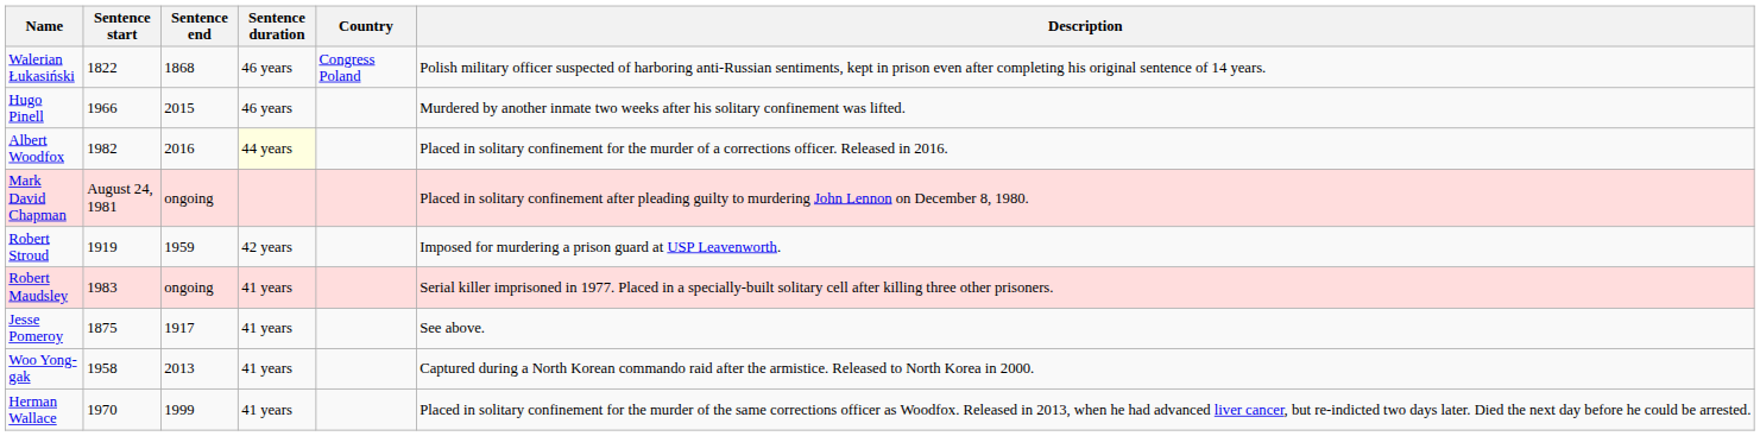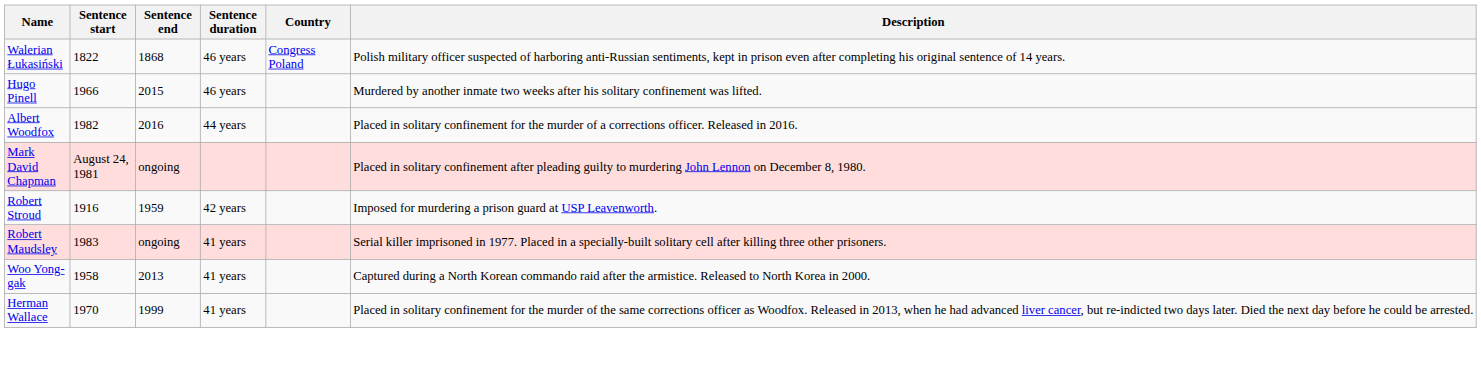 <table class="wikitable sortable" style="display: inline-table;width:;">
 <tr>
 <th style="width:76px;">Name</th>
 <th style="width:75px;">Sentence start</th>
 <th style="width:75px;">Sentence end</th>
 <th style="width:75px;">Sentence duration</th>
 <th style="width:100px;">Country</th>
 <th class="unsortable">Description</th>
 </tr>
 <tr>
 <td><a href='#'>Walerian Łukasiński</a></td>
 <td>1822</td>
 <td>1868</td>
 <td>46 years</td>
 <td> <a href='#'>Congress Poland</a><br> </td>
 <td>Polish military officer suspected of harboring anti-Russian sentiments, kept in prison even after completing his original sentence of 14 years.</td>
 </tr>
 <tr>
 <td><a href='#'>Hugo Pinell</a></td>
 <td>1966</td>
 <td>2015</td>
 <td>46 years</td>
 <td> </td>
 <td>Murdered by another inmate two weeks after his solitary confinement was lifted.</td>
 </tr>
 <tr>
 <td><a href='#'>Albert Woodfox</a></td>
 <td>1982</td>
 <td>2016</td>
-<td style="background: lightyellow;">44 years</td>
+<td>44 years</td>
 <td> </td>
 <td>Placed in solitary confinement for the murder of a corrections officer. Released in 2016.</td>
 </tr>
 <tr style="background:#fdd;">
 <td><a href='#'>Mark David Chapman</a></td>
 <td>August 24, 1981</td>
 <td>ongoing</td>
 <td></td>
 <td> </td>
 <td>Placed in solitary confinement after pleading guilty to murdering <a href='#'>John Lennon</a> on December 8, 1980.</td>
 </tr>
 <tr>
 <td><a href='#'>Robert Stroud</a></td>
-<td>1919</td>
+<td>1916</td>
 <td>1959</td>
 <td>42 years</td>
 <td> </td>
 <td>Imposed for murdering a prison guard at <a href='#'>USP Leavenworth</a>.</td>
 </tr>
 <tr style="background:#fdd;">
 <td><a href='#'>Robert Maudsley</a></td>
 <td>1983</td>
 <td>ongoing</td>
 <td>41 years</td>
 <td> </td>
 <td>Serial killer imprisoned in 1977. Placed in a specially-built solitary cell after killing three other prisoners.</td>
-</tr>
-<tr>
-<td><a href='#'>Jesse Pomeroy</a></td>
-<td>1875</td>
-<td>1917</td>
-<td>41 years</td>
-<td> </td>
-<td>See above.</td>
 </tr>
 <tr>
 <td><a href='#'>Woo Yong-gak</a></td>
 <td>1958</td>
 <td>2013</td>
 <td>41 years</td>
 <td> </td>
 <td>Captured during a North Korean commando raid after the armistice. Released to North Korea in 2000.</td>
 </tr>
 <tr>
 <td><a href='#'>Herman Wallace</a></td>
 <td>1970</td>
 <td>1999</td>
 <td>41 years</td>
 <td> </td>
 <td>Placed in solitary confinement for the murder of the same corrections officer as Woodfox. Released in 2013, when he had advanced <a href='#'>liver cancer</a>, but re-indicted two days later. Died the next day before he could be arrested.</td>
 </tr>
 </table>
